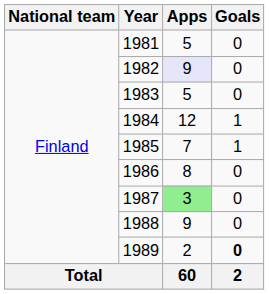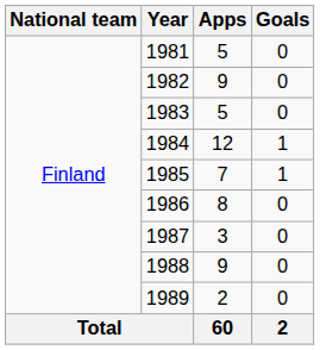 <table class="wikitable" style="text-align:center">
 <tr>
 <th>National team</th>
 <th>Year</th>
 <th>Apps</th>
 <th>Goals</th>
 </tr>
 <tr>
 <td rowspan="9"><a href='#'>Finland</a></td>
 <td>1981</td>
 <td>5</td>
 <td>0</td>
 </tr>
 <tr>
 <td>1982</td>
-<td style="background: lavender;">9</td>
+<td>9</td>
 <td>0</td>
 </tr>
 <tr>
 <td>1983</td>
 <td>5</td>
 <td>0</td>
 </tr>
 <tr>
 <td>1984</td>
 <td>12</td>
 <td>1</td>
 </tr>
 <tr>
 <td>1985</td>
 <td>7</td>
 <td>1</td>
 </tr>
 <tr>
 <td>1986</td>
 <td>8</td>
 <td>0</td>
 </tr>
 <tr>
 <td>1987</td>
-<td style="background: lightgreen;">3</td>
+<td>3</td>
 <td>0</td>
 </tr>
 <tr>
 <td>1988</td>
 <td>9</td>
 <td>0</td>
 </tr>
 <tr>
 <td>1989</td>
 <td>2</td>
-<td><strong>0</strong></td>
+<td>0</td>
 </tr>
 <tr>
 <th colspan="2">Total</th>
 <th>60</th>
 <th>2</th>
 </tr>
 </table>
